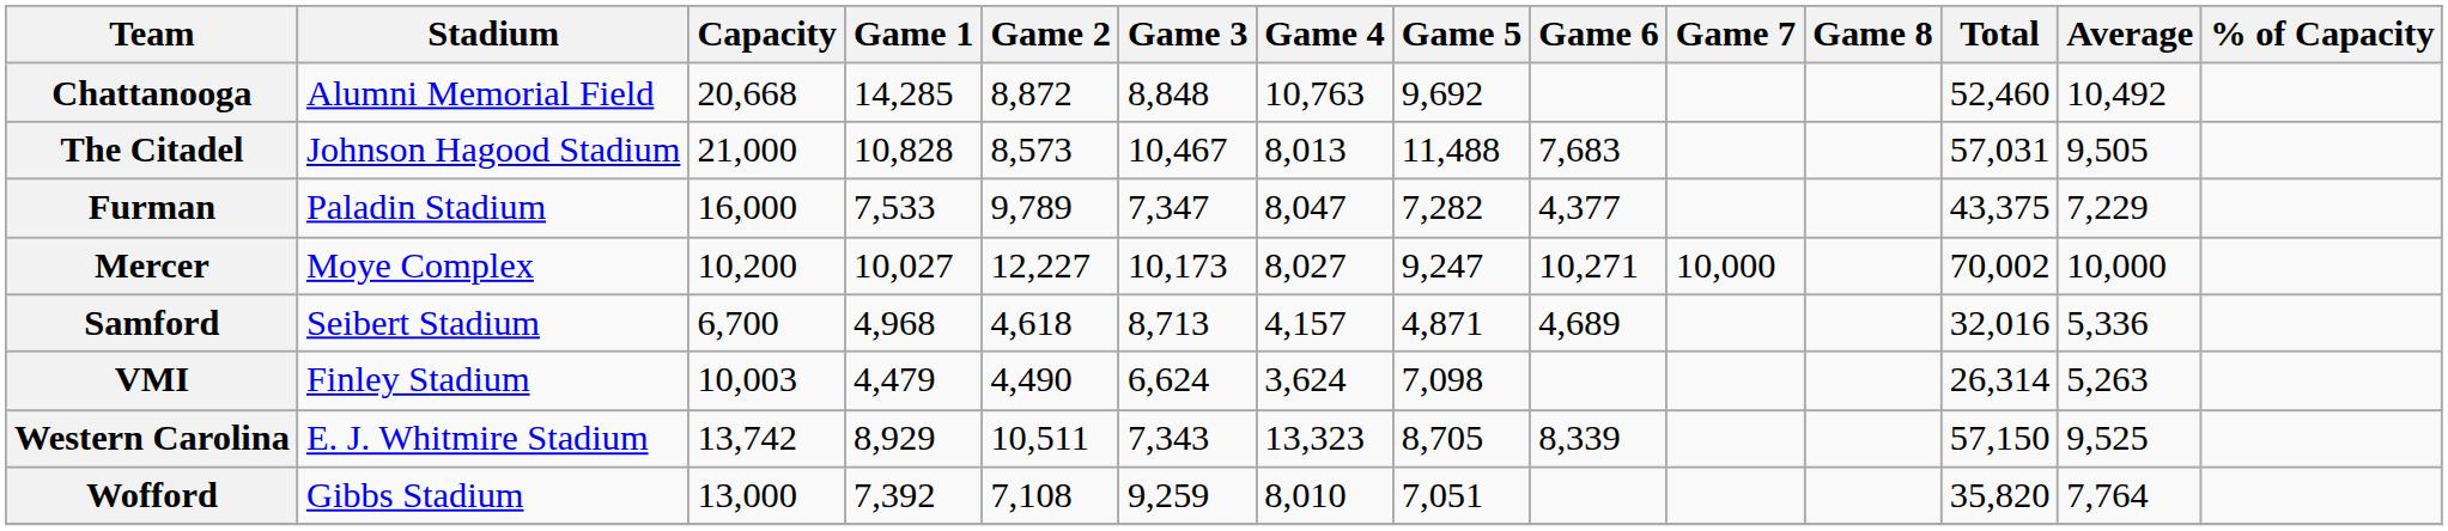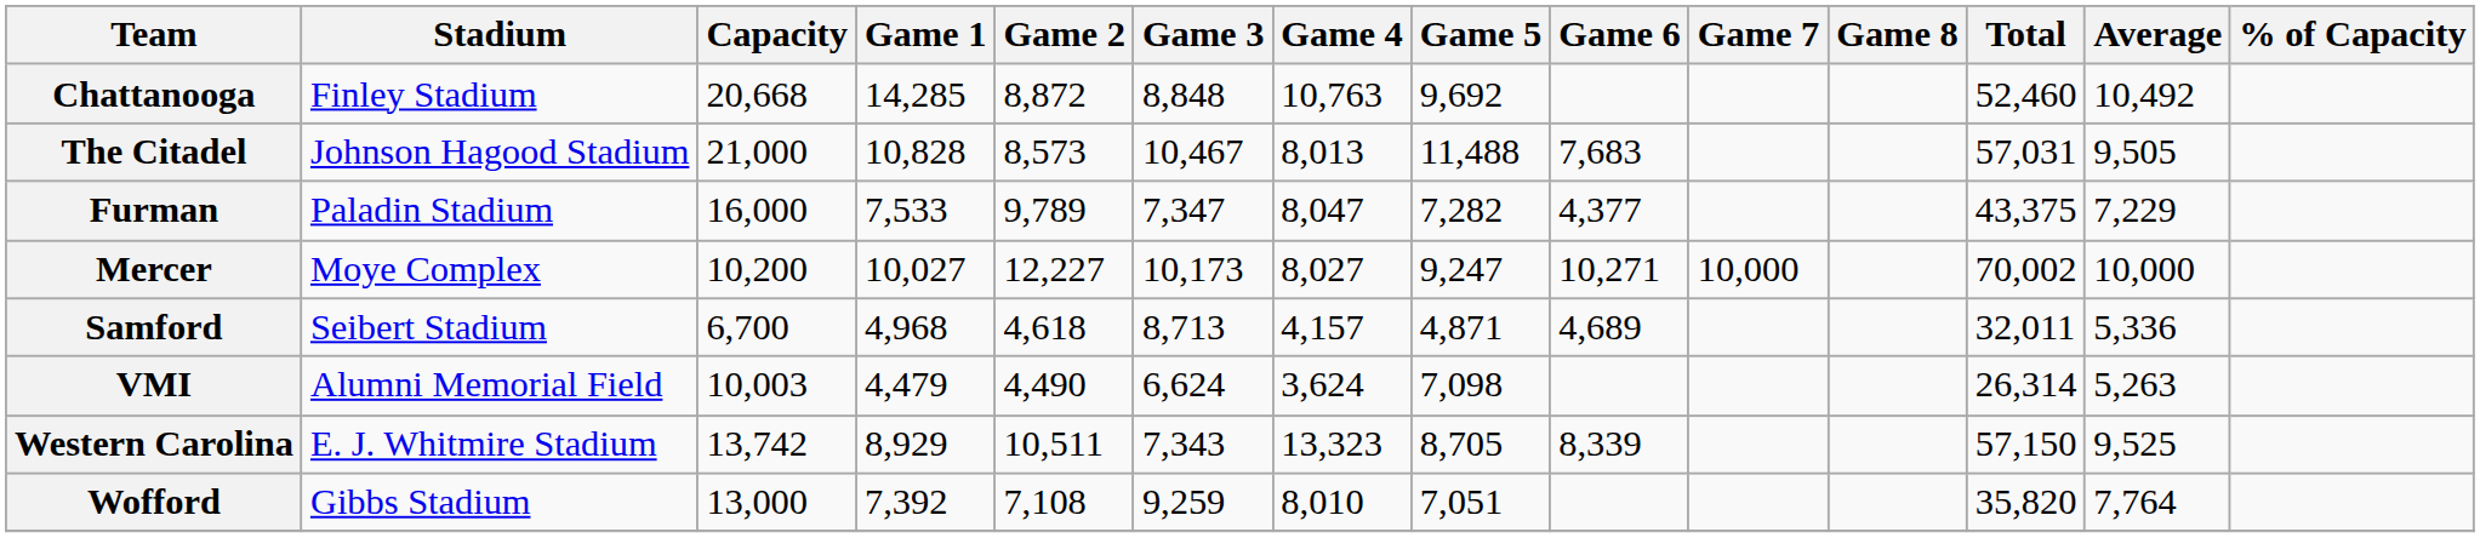 <table class="wikitable sortable">
 <tr>
 <th>Team</th>
 <th>Stadium</th>
 <th>Capacity</th>
 <th>Game 1</th>
 <th>Game 2</th>
 <th>Game 3</th>
 <th>Game 4</th>
 <th>Game 5</th>
 <th>Game 6</th>
 <th>Game 7</th>
 <th>Game 8</th>
 <th>Total</th>
 <th>Average</th>
 <th>% of Capacity</th>
 </tr>
 <tr>
 <th>Chattanooga</th>
-<td><a href='#'>Alumni Memorial Field</a></td>
+<td><a href='#'>Finley Stadium</a></td>
 <td>20,668</td>
 <td>14,285</td>
 <td>8,872</td>
 <td>8,848</td>
 <td>10,763</td>
 <td>9,692</td>
 <td></td>
 <td></td>
 <td></td>
 <td>52,460</td>
 <td>10,492</td>
 <td></td>
 </tr>
 <tr>
 <th>The Citadel</th>
 <td><a href='#'>Johnson Hagood Stadium</a></td>
 <td>21,000</td>
 <td>10,828</td>
 <td>8,573</td>
 <td>10,467</td>
 <td>8,013</td>
 <td>11,488</td>
 <td>7,683</td>
 <td></td>
 <td></td>
 <td>57,031</td>
 <td>9,505</td>
 <td></td>
 </tr>
 <tr>
 <th>Furman</th>
 <td><a href='#'>Paladin Stadium</a></td>
 <td>16,000</td>
 <td>7,533</td>
 <td>9,789</td>
 <td>7,347</td>
 <td>8,047</td>
 <td>7,282</td>
 <td>4,377</td>
 <td></td>
 <td></td>
 <td>43,375</td>
 <td>7,229</td>
 <td></td>
 </tr>
 <tr>
 <th>Mercer</th>
 <td><a href='#'>Moye Complex</a></td>
 <td>10,200</td>
 <td>10,027</td>
 <td>12,227</td>
 <td>10,173</td>
 <td>8,027</td>
 <td>9,247</td>
 <td>10,271</td>
 <td>10,000</td>
 <td></td>
 <td>70,002</td>
 <td>10,000</td>
 <td></td>
 </tr>
 <tr>
 <th>Samford</th>
 <td><a href='#'>Seibert Stadium</a></td>
 <td>6,700</td>
 <td>4,968</td>
 <td>4,618</td>
 <td>8,713</td>
 <td>4,157</td>
 <td>4,871</td>
 <td>4,689</td>
 <td></td>
 <td></td>
-<td>32,016</td>
+<td>32,011</td>
 <td>5,336</td>
 <td></td>
 </tr>
 <tr>
 <th>VMI</th>
-<td><a href='#'>Finley Stadium</a></td>
+<td><a href='#'>Alumni Memorial Field</a></td>
 <td>10,003</td>
 <td>4,479</td>
 <td>4,490</td>
 <td>6,624</td>
 <td>3,624</td>
 <td>7,098</td>
 <td></td>
 <td></td>
 <td></td>
 <td>26,314</td>
 <td>5,263</td>
 <td></td>
 </tr>
 <tr>
 <th>Western Carolina</th>
 <td><a href='#'>E. J. Whitmire Stadium</a></td>
 <td>13,742</td>
 <td>8,929</td>
 <td>10,511</td>
 <td>7,343</td>
 <td>13,323</td>
 <td>8,705</td>
 <td>8,339</td>
 <td></td>
 <td></td>
 <td>57,150</td>
 <td>9,525</td>
 <td></td>
 </tr>
 <tr>
 <th>Wofford</th>
 <td><a href='#'>Gibbs Stadium</a></td>
 <td>13,000</td>
 <td>7,392</td>
 <td>7,108</td>
 <td>9,259</td>
 <td>8,010</td>
 <td>7,051</td>
 <td></td>
 <td></td>
 <td></td>
 <td>35,820</td>
 <td>7,764</td>
 <td></td>
 </tr>
 <tr>
 </tr>
 </table>
